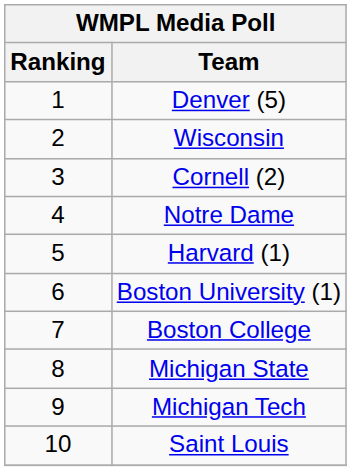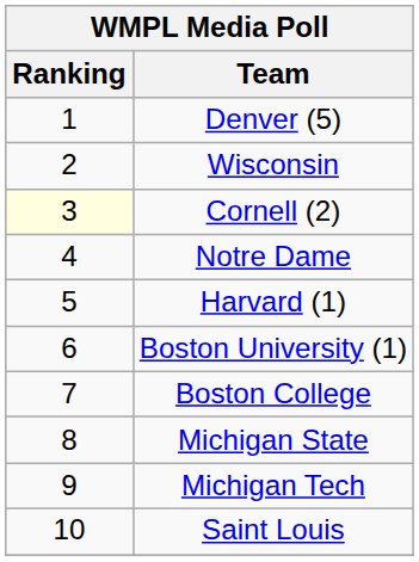 <table class="wikitable" style="text-align:center;">
 <tr>
 <th colspan=2><strong>WMPL Media Poll</strong></th>
 </tr>
 <tr>
 <th>Ranking</th>
 <th>Team</th>
 </tr>
 <tr>
 <td>1</td>
 <td><a href='#'>Denver</a> (5)</td>
 </tr>
 <tr>
 <td>2</td>
 <td><a href='#'>Wisconsin</a></td>
 </tr>
 <tr>
-<td>3</td>
+<td style="background: lightyellow;">3</td>
 <td><a href='#'>Cornell</a> (2)</td>
 </tr>
 <tr>
 <td>4</td>
 <td><a href='#'>Notre Dame</a></td>
 </tr>
 <tr>
 <td>5</td>
 <td><a href='#'>Harvard</a> (1)</td>
 </tr>
 <tr>
 <td>6</td>
 <td><a href='#'>Boston University</a> (1)</td>
 </tr>
 <tr>
 <td>7</td>
 <td><a href='#'>Boston College</a></td>
 </tr>
 <tr>
 <td>8</td>
 <td><a href='#'>Michigan State</a></td>
 </tr>
 <tr>
 <td>9</td>
 <td><a href='#'>Michigan Tech</a></td>
 </tr>
 <tr>
 <td>10</td>
 <td><a href='#'>Saint Louis</a></td>
 </tr>
 <tr>
 </tr>
 </table>
